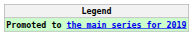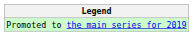 <table class="wikitable">
 <tr>
 <th>Legend</th>
 </tr>
 <tr bgcolor=ccffcc>
-<td><strong>Promoted to <a href='#'>the main series for 2019</a></strong></td>
+<td>Promoted to <a href='#'>the main series for 2019</a></td>
 </tr>
 </table>
